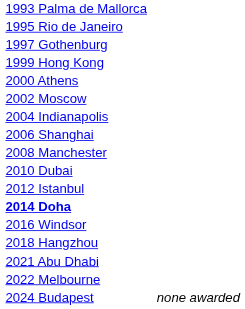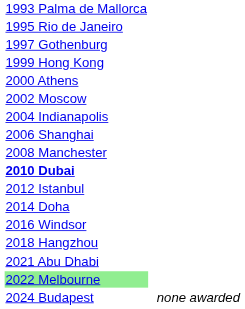 <table>
 <tr>
 <td><a href='#'>1993 Palma de Mallorca</a></td>
 <td></td>
 <td></td>
 <td></td>
 </tr>
 <tr>
 <td><a href='#'>1995 Rio de Janeiro</a></td>
 <td></td>
 <td></td>
 <td></td>
 </tr>
 <tr>
 <td><a href='#'>1997 Gothenburg</a></td>
 <td></td>
 <td></td>
 <td></td>
 </tr>
 <tr>
 <td><a href='#'>1999 Hong Kong</a></td>
 <td></td>
 <td></td>
 <td></td>
 </tr>
 <tr>
 <td><a href='#'>2000 Athens</a></td>
 <td></td>
 <td></td>
 <td></td>
 </tr>
 <tr>
 <td><a href='#'>2002 Moscow</a></td>
 <td></td>
 <td></td>
 <td></td>
 </tr>
 <tr>
 <td><a href='#'>2004 Indianapolis</a></td>
 <td></td>
 <td></td>
 <td></td>
 </tr>
 <tr>
 <td><a href='#'>2006 Shanghai</a></td>
 <td></td>
 <td></td>
 <td></td>
 </tr>
 <tr>
 <td><a href='#'>2008 Manchester</a></td>
 <td></td>
 <td></td>
 <td></td>
 </tr>
 <tr>
-<td><a href='#'>2010 Dubai</a></td>
+<td><strong><a href='#'>2010 Dubai</a></strong></td>
 <td></td>
 <td></td>
 <td></td>
 </tr>
 <tr>
 <td><a href='#'>2012 Istanbul</a></td>
 <td></td>
 <td></td>
 <td></td>
 </tr>
 <tr>
-<td><strong><a href='#'>2014 Doha</a></strong></td>
+<td><a href='#'>2014 Doha</a></td>
 <td></td>
 <td></td>
 <td></td>
 </tr>
 <tr>
 <td><a href='#'>2016 Windsor</a></td>
 <td></td>
 <td></td>
 <td></td>
 </tr>
 <tr>
 <td><a href='#'>2018 Hangzhou</a></td>
 <td></td>
 <td></td>
 <td></td>
 </tr>
 <tr>
 <td><a href='#'>2021 Abu Dhabi</a></td>
 <td></td>
 <td></td>
 <td></td>
 </tr>
 <tr>
-<td><a href='#'>2022 Melbourne</a></td>
+<td style="background: lightgreen;"><a href='#'>2022 Melbourne</a></td>
 <td></td>
 <td></td>
 <td></td>
 </tr>
 <tr>
 <td rowspan=2><a href='#'>2024 Budapest</a></td>
 <td rowspan=2></td>
 <td></td>
 <td rowspan=2><em>none awarded</em></td>
 </tr>
 <tr>
 <td></td>
 </tr>
 </table>
